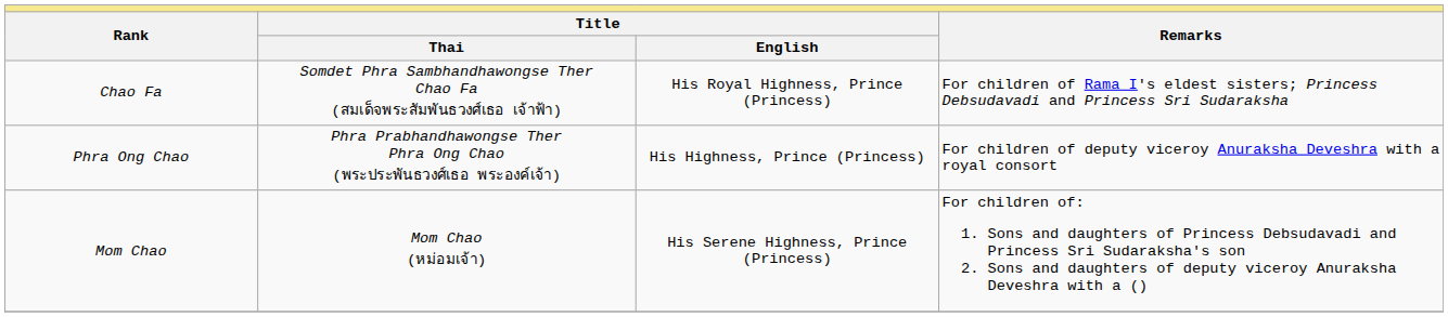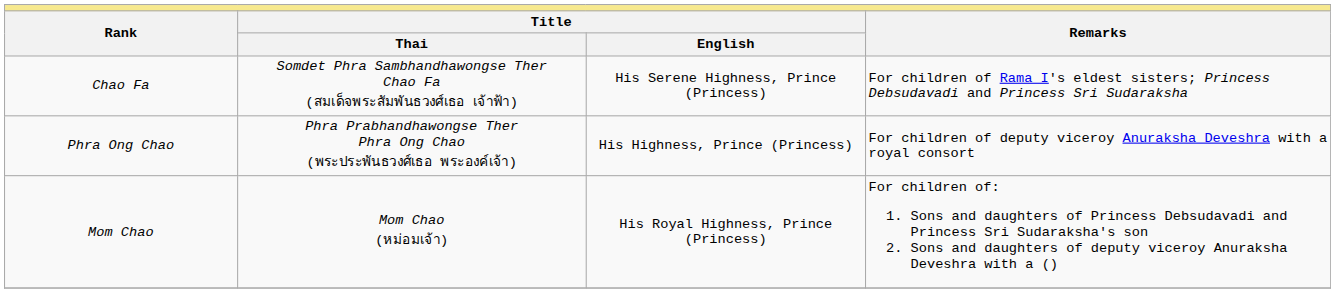 <table class="wikitable" width="100%">
 <tr>
 <td colspan=4 style="background: #F7E98E;"></td>
 </tr>
 <tr>
 <th rowspan=2 width="10%">Rank</th>
 <th colspan=2 width="25%">Title</th>
 <th rowspan=2 width="20%">Remarks</th>
 </tr>
 <tr>
 <th width="15%">Thai</th>
 <th width="12%">English</th>
 </tr>
 <tr>
 <td align="center"><em>Chao Fa</em></td>
 <td align="center"><em>Somdet Phra Sambhandhawongse Ther <br> Chao Fa</em> <br> (สมเด็จพระสัมพันธวงศ์เธอ เจ้าฟ้า)</td>
-<td align="center">His Royal Highness, Prince (Princess)</td>
+<td align="center">His Serene Highness, Prince (Princess)</td>
 <td>For children of <a href='#'>Rama I</a>'s eldest sisters; <em>Princess Debsudavadi</em> and <em>Princess Sri Sudaraksha</em></td>
 </tr>
 <tr>
 <td align="center"><em>Phra Ong Chao</em></td>
 <td align="center"><em>Phra Prabhandhawongse Ther <br> Phra Ong Chao</em> <br> (พระประพันธวงศ์เธอ พระองค์เจ้า)</td>
 <td align="center">His Highness, Prince (Princess)</td>
 <td>For children of deputy viceroy <a href='#'>Anuraksha Deveshra</a> with a royal consort</td>
 </tr>
 <tr>
 <td align="center"><em>Mom Chao</em></td>
 <td align="center"><em>Mom Chao</em> <br> (หม่อมเจ้า)</td>
-<td align="center">His Serene Highness, Prince (Princess)</td>
+<td align="center">His Royal Highness, Prince (Princess)</td>
 <td>For children of:<br><ol><li>Sons and daughters of Princess Debsudavadi and Princess Sri Sudaraksha's son</li><li>Sons and daughters of deputy viceroy Anuraksha Deveshra with a ()</li></ol></td>
 </tr>
 <tr>
 </tr>
 </table>
